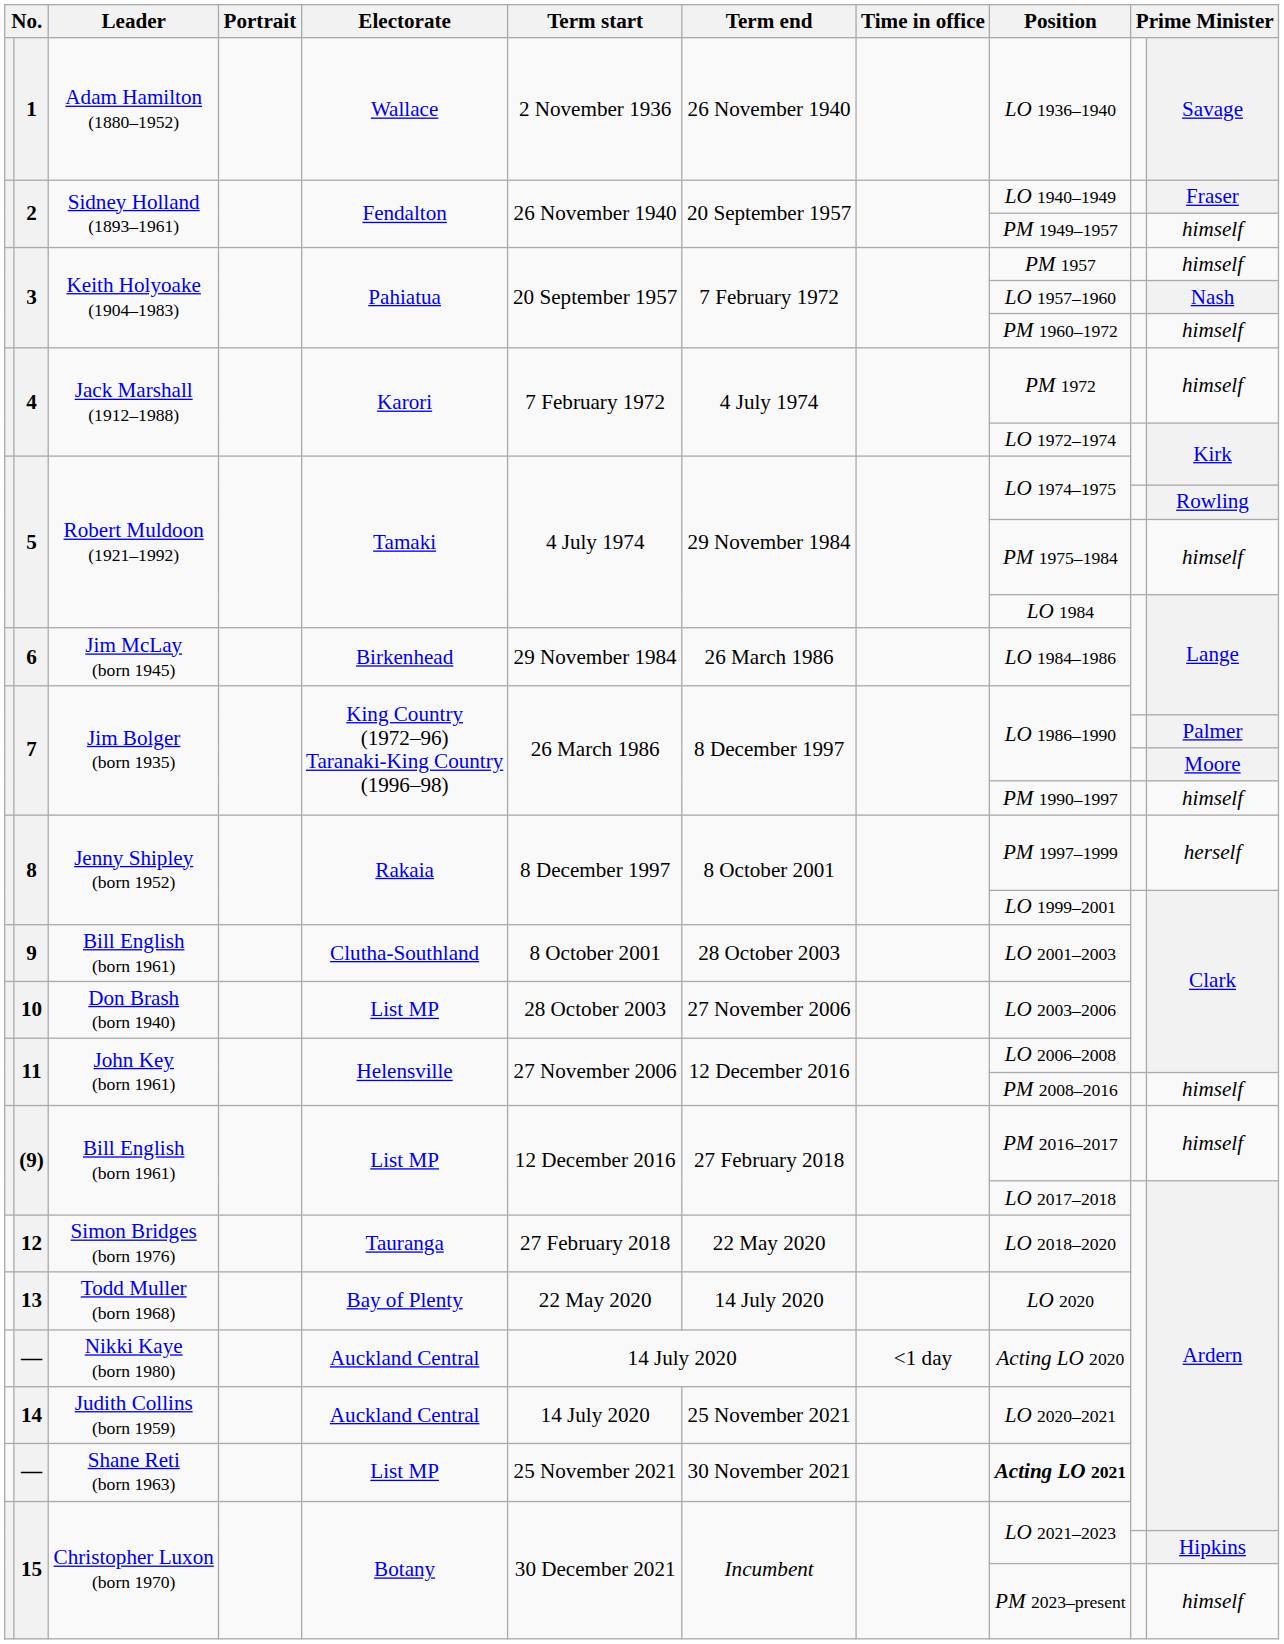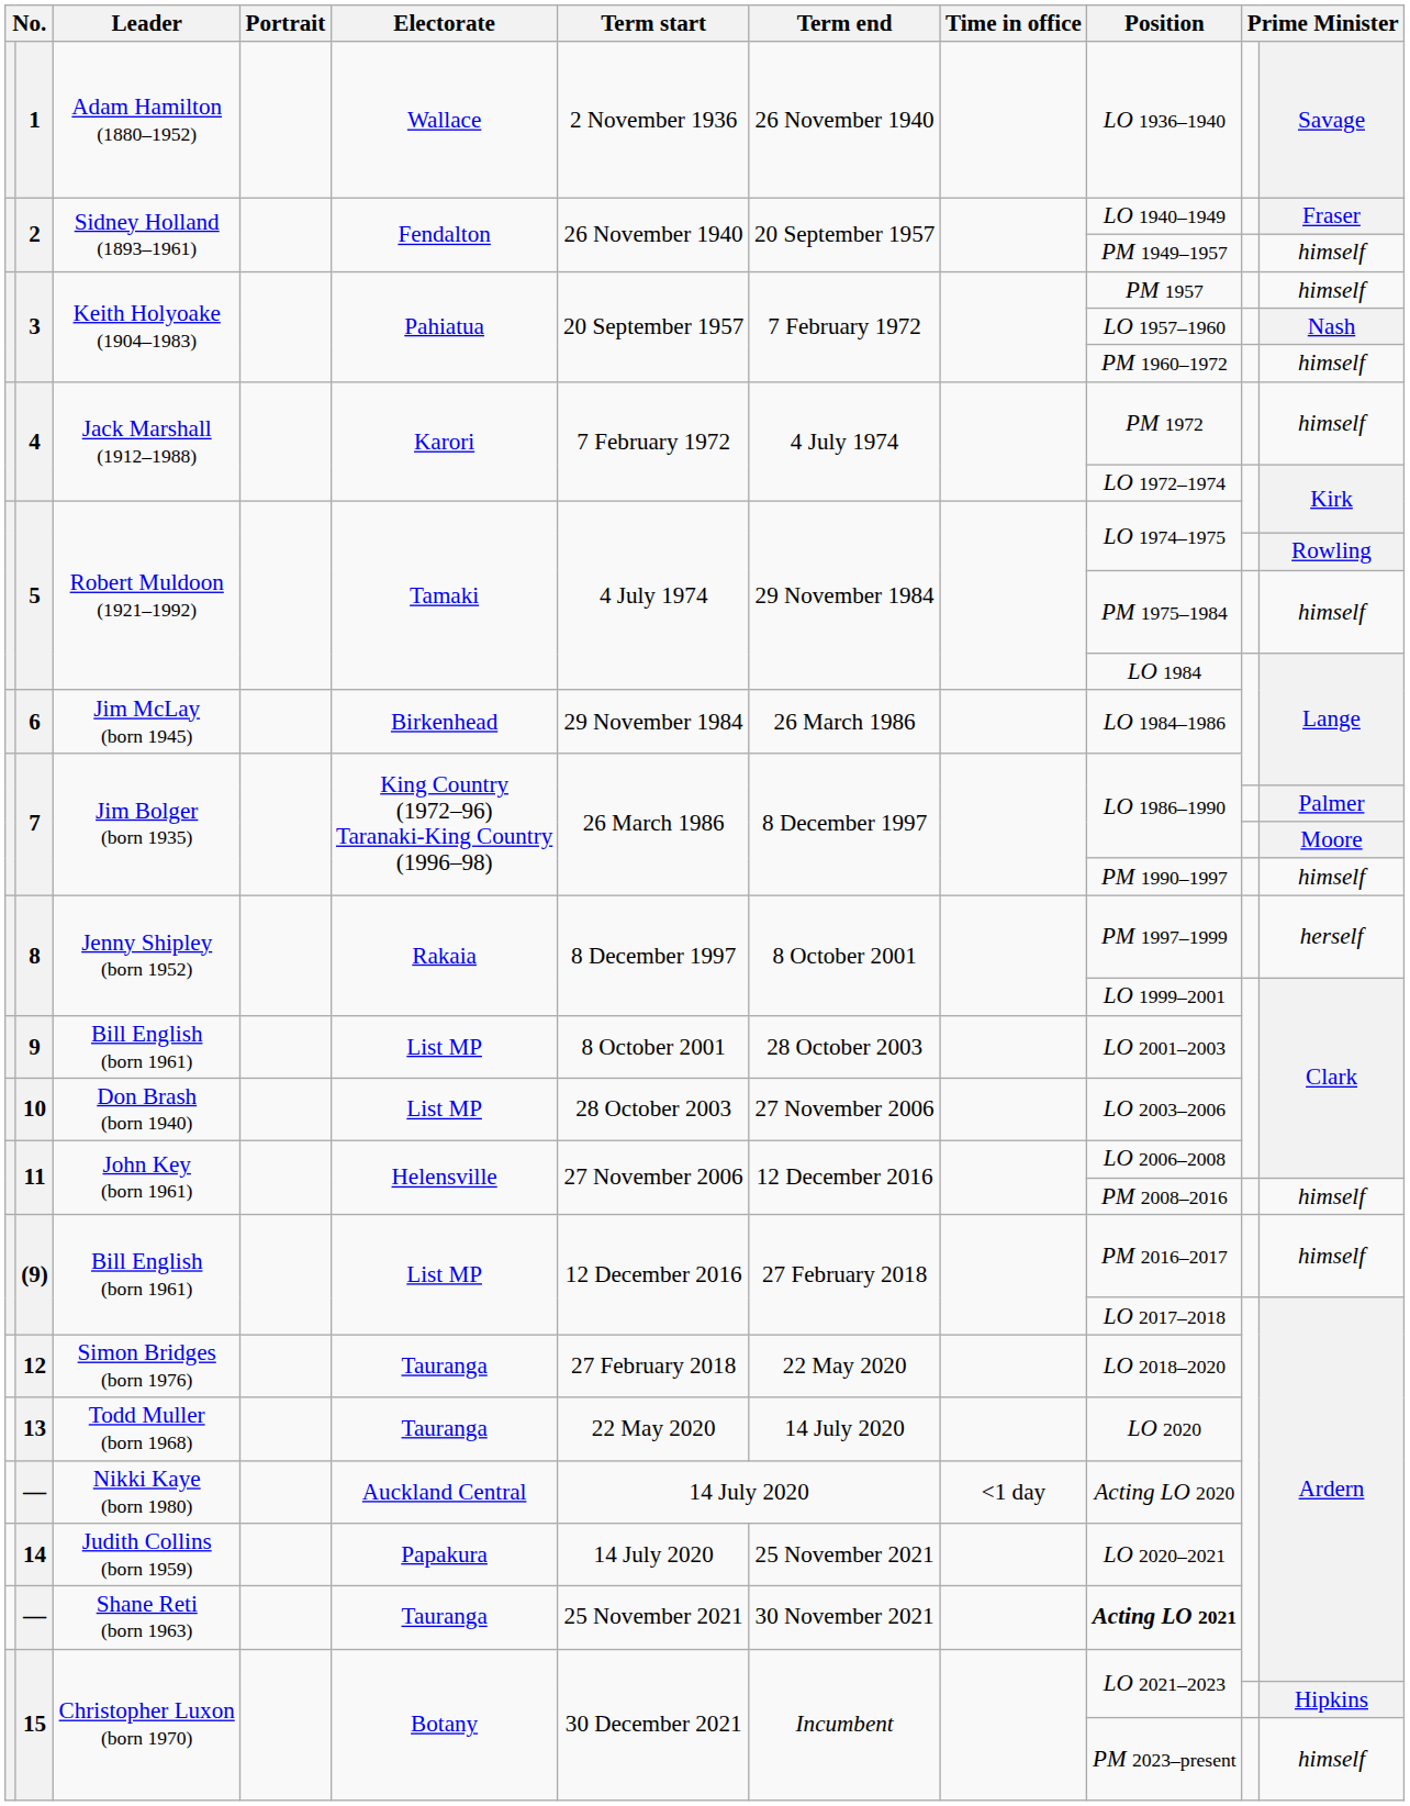 <table class="wikitable" style="text-align:center">
 <tr>
 <th colspan=2>No.</th>
 <th>Leader</th>
 <th>Portrait</th>
 <th>Electorate</th>
 <th>Term start</th>
 <th>Term end</th>
 <th>Time in office</th>
 <th>Position</th>
 <th colspan=2>Prime Minister</th>
 </tr>
 <tr>
 <th rowspan=2 style="background:"></th>
 <th rowspan=2>1</th>
 <td rowspan=2><a href='#'>Adam Hamilton</a><br><small>(1880–1952)</small></td>
 <td rowspan=2></td>
 <td rowspan=2><a href='#'>Wallace</a></td>
 <td rowspan=2>2 November 1936</td>
 <td rowspan=2>26 November 1940</td>
 <td rowspan=2></td>
 <td rowspan=2><em>LO</em> <small>1936–1940</small></td>
 <td height=100 style="background:"></td>
 <th style="font-weight:normal"><a href='#'>Savage</a><br></th>
 </tr>
 <tr>
 <td rowspan=2 style="background:"></td>
 <th style="font-weight:normal" rowspan=2><a href='#'>Fraser</a><br></th>
 </tr>
 <tr>
 <th rowspan=2 style="background:"></th>
 <th rowspan=2>2</th>
 <td rowspan=2><a href='#'>Sidney Holland</a><br><small>(1893–1961)</small></td>
 <td rowspan=2></td>
 <td rowspan=2><a href='#'>Fendalton</a></td>
 <td rowspan=2>26 November 1940</td>
 <td rowspan=2>20 September 1957</td>
 <td rowspan=2></td>
 <td><em>LO</em> <small>1940–1949</small></td>
 </tr>
 <tr>
 <td><em>PM</em> <small>1949–1957</small></td>
 <td style="background:"></td>
 <td><em>himself</em></td>
 </tr>
 <tr>
 <th rowspan=3 style="background:"></th>
 <th rowspan=3>3</th>
 <td rowspan=3><a href='#'>Keith Holyoake</a><br><small>(1904–1983)</small></td>
 <td rowspan=3></td>
 <td rowspan=3><a href='#'>Pahiatua</a></td>
 <td rowspan=3>20 September 1957</td>
 <td rowspan=3>7 February 1972</td>
 <td rowspan=3></td>
 <td><em>PM</em> <small>1957</small></td>
 <td style="background:"></td>
 <td><em>himself</em></td>
 </tr>
 <tr>
 <td><em>LO</em> <small>1957–1960</small></td>
 <td style="background:"></td>
 <th style="font-weight:normal"><a href='#'>Nash</a></th>
 </tr>
 <tr>
 <td><em>PM</em> <small>1960–1972</small></td>
 <td style="background:"></td>
 <td><em>himself</em></td>
 </tr>
 <tr>
 <th rowspan=2 style="background:"></th>
 <th rowspan=2>4</th>
 <td rowspan=2><a href='#'>Jack Marshall</a><br><small>(1912–1988)</small></td>
 <td rowspan=2></td>
 <td rowspan=2><a href='#'>Karori</a></td>
 <td rowspan=2>7 February 1972</td>
 <td rowspan=2>4 July 1974</td>
 <td rowspan=2></td>
 <td><em>PM</em> <small>1972</small></td>
 <td height=50 style="background:"></td>
 <td><em>himself</em></td>
 </tr>
 <tr>
 <td><em>LO</em> <small>1972–1974</small></td>
 <td style="border-bottom:solid 0 grey; background:"></td>
 <th style="font-weight:normal" rowspan=2><a href='#'>Kirk</a><br></th>
 </tr>
 <tr>
 <th height=15 style="border-bottom:solid 0 grey; background:"></th>
 <th rowspan=4>5</th>
 <td rowspan=4><a href='#'>Robert Muldoon</a><br><small>(1921–1992)</small></td>
 <td rowspan=4></td>
 <td rowspan=4><a href='#'>Tamaki</a></td>
 <td rowspan=4>4 July 1974</td>
 <td rowspan=4>29 November 1984</td>
 <td rowspan=4></td>
 <td rowspan=2><em>LO</em> <small>1974–1975</small></td>
 <td height=15 style="border-top:solid 0 grey; background:"></td>
 </tr>
 <tr>
 <th rowspan=3 style="border-top:solid 0 grey; background:"></th>
 <td height=15 style="background:"></td>
 <th style="font-weight:normal"><a href='#'>Rowling</a><br></th>
 </tr>
 <tr>
 <td><em>PM</em> <small>1975–1984</small></td>
 <td height=50 style="background:"></td>
 <td><em>himself</em></td>
 </tr>
 <tr>
 <td><em>LO</em> <small>1984</small></td>
 <td rowspan=2 style="border-bottom:solid 0 gray; background:"></td>
 <th style="font-weight:normal" rowspan=3><a href='#'>Lange</a><br></th>
 </tr>
 <tr>
 <th style="background:"></th>
 <th>6</th>
 <td><a href='#'>Jim McLay</a><br><small>(born 1945)</small></td>
 <td></td>
 <td><a href='#'>Birkenhead</a></td>
 <td>29 November 1984</td>
 <td>26 March 1986</td>
 <td></td>
 <td><em>LO</em> <small>1984–1986</small></td>
 </tr>
 <tr>
 <th rowspan=4 style="background:"></th>
 <th rowspan=4>7</th>
 <td rowspan=4><a href='#'>Jim Bolger</a><br><small>(born 1935)</small></td>
 <td rowspan=4></td>
 <td rowspan=4><a href='#'>King Country</a><br>(1972–96)<br><a href='#'>Taranaki-King Country</a><br>(1996–98)</td>
 <td rowspan=4>26 March 1986</td>
 <td rowspan=4>8 December 1997</td>
 <td rowspan=4></td>
 <td rowspan=3><em>LO</em> <small>1986–1990</small></td>
 <td height=15 style="border-top:solid 0 gray; background:"></td>
 </tr>
 <tr>
 <td style="background:"></td>
 <th style="font-weight:normal"><a href='#'>Palmer</a><br></th>
 </tr>
 <tr>
 <td style="background:"></td>
 <th style="font-weight:normal"><a href='#'>Moore</a><br></th>
 </tr>
 <tr>
 <td><em>PM</em> <small>1990–1997</small></td>
 <td style="background:"></td>
 <td><em>himself</em></td>
 </tr>
 <tr>
 <th rowspan=2 style="background:"></th>
 <th rowspan=2>8</th>
 <td rowspan=2><a href='#'>Jenny Shipley</a><br><small>(born 1952)</small></td>
 <td rowspan=2></td>
 <td rowspan=2><a href='#'>Rakaia</a></td>
 <td rowspan=2>8 December 1997</td>
 <td rowspan=2>8 October 2001</td>
 <td rowspan=2></td>
 <td><em>PM</em> <small>1997–1999</small></td>
 <td height=50 style="background:"></td>
 <td><em>herself</em></td>
 </tr>
 <tr>
 <td><em>LO</em> <small>1999–2001</small></td>
 <td rowspan=4 style="background:"></td>
 <th style="font-weight:normal" rowspan=4><a href='#'>Clark</a></th>
 </tr>
 <tr>
 <th style="background:"></th>
 <th>9</th>
 <td><a href='#'>Bill English</a><br><small>(born 1961)</small></td>
 <td></td>
-<td><a href='#'>Clutha-Southland</a></td>
+<td><a href='#'>List MP</a></td>
 <td>8 October 2001</td>
 <td>28 October 2003</td>
 <td></td>
 <td><em>LO</em> <small>2001–2003</small></td>
 </tr>
 <tr>
 <th style="background:"></th>
 <th>10</th>
 <td><a href='#'>Don Brash</a><br><small>(born 1940)</small></td>
 <td></td>
 <td><a href='#'>List MP</a></td>
 <td>28 October 2003</td>
 <td>27 November 2006</td>
 <td></td>
 <td><em>LO</em> <small>2003–2006</small></td>
 </tr>
 <tr>
 <th rowspan=2 style="background:"></th>
 <th rowspan=2>11</th>
 <td rowspan=2><a href='#'>John Key</a><br><small>(born 1961)</small></td>
 <td rowspan=2></td>
 <td rowspan=2><a href='#'>Helensville</a></td>
 <td rowspan=2>27 November 2006</td>
 <td rowspan=2>12 December 2016</td>
 <td rowspan=2></td>
 <td><em>LO</em> <small>2006–2008</small></td>
 </tr>
 <tr>
 <td><em>PM</em> <small>2008–2016</small></td>
 <td style="background:"></td>
 <td><em>himself</em></td>
 </tr>
 <tr>
 <th rowspan=2 style="background:"></th>
 <th rowspan=2>(9)</th>
 <td rowspan=2><a href='#'>Bill English</a><br><small>(born 1961)</small></td>
 <td rowspan=2></td>
 <td rowspan=2><a href='#'>List MP</a></td>
 <td rowspan=2>12 December 2016</td>
 <td rowspan=2>27 February 2018</td>
 <td rowspan=2></td>
 <td><em>PM</em> <small>2016–2017</small></td>
 <td height=50 style="background:"></td>
 <td><em>himself</em></td>
 </tr>
 <tr>
 <td><em>LO</em> <small>2017–2018</small></td>
 <td rowspan=6 style="border-bottom:solid 0 gray; background:"></td>
 <th rowspan=7 style="font-weight:normal"><a href='#'>Ardern</a><br></th>
 </tr>
 <tr>
 <td style="background:"></td>
 <th>12</th>
 <td><a href='#'>Simon Bridges</a><br><small>(born 1976)</small></td>
 <td></td>
 <td><a href='#'>Tauranga</a></td>
 <td>27 February 2018</td>
 <td>22 May 2020</td>
 <td></td>
 <td><em>LO</em> <small>2018–2020</small></td>
 </tr>
 <tr>
 <td style="background:"></td>
 <th>13</th>
 <td><a href='#'>Todd Muller</a><br><small>(born 1968)</small></td>
 <td></td>
-<td><a href='#'>Bay of Plenty</a></td>
+<td><a href='#'>Tauranga</a></td>
 <td>22 May 2020</td>
 <td>14 July 2020</td>
 <td></td>
 <td><em>LO</em> <small>2020</small></td>
 </tr>
 <tr>
 <td style="background:"></td>
 <th>—</th>
 <td><a href='#'>Nikki Kaye</a><br><small>(born 1980)</small></td>
 <td></td>
 <td><a href='#'>Auckland Central</a></td>
 <td colspan=2 style="text-align:center;">14 July 2020</td>
 <td><1 day</td>
 <td><em>Acting LO</em> <small>2020</small></td>
 </tr>
 <tr>
 <td style="background:"></td>
 <th>14</th>
 <td><a href='#'>Judith Collins</a><br><small>(born 1959)</small></td>
 <td></td>
-<td><a href='#'>Auckland Central</a></td>
+<td><a href='#'>Papakura</a></td>
 <td>14 July 2020</td>
 <td>25 November 2021</td>
 <td></td>
 <td><em>LO</em> <small>2020–2021</small></td>
 </tr>
 <tr>
 <td style="background:"></td>
 <th>—</th>
 <td><a href='#'>Shane Reti</a><br><small>(born 1963)</small></td>
 <td></td>
-<td><a href='#'>List MP</a></td>
+<td><a href='#'>Tauranga</a></td>
 <td>25 November 2021</td>
 <td>30 November 2021</td>
 <td></td>
 <td><strong><em>Acting LO</em> <small>2021</small></strong></td>
 </tr>
 <tr>
 <th rowspan=3 style="background:"></th>
 <th rowspan=3>15</th>
 <td rowspan=3><a href='#'>Christopher Luxon</a><br><small>(born 1970)</small></td>
 <td rowspan=3></td>
 <td rowspan=3><a href='#'>Botany</a></td>
 <td rowspan=3>30 December 2021</td>
 <td rowspan=3><em>Incumbent</em></td>
 <td rowspan=3></td>
 <td rowspan=2><em>LO</em> <small>2021–2023</small></td>
 <td height=15 style="border-top:solid 0 gray; background:"></td>
 </tr>
 <tr>
 <td height=15 style="background:"></td>
 <th style="font-weight:normal"><a href='#'>Hipkins</a><br></th>
 </tr>
 <tr>
 <td><em>PM</em> <small>2023–present</small></td>
 <td height=50 style="background:"></td>
 <td><em>himself</em></td>
 </tr>
 </table>
